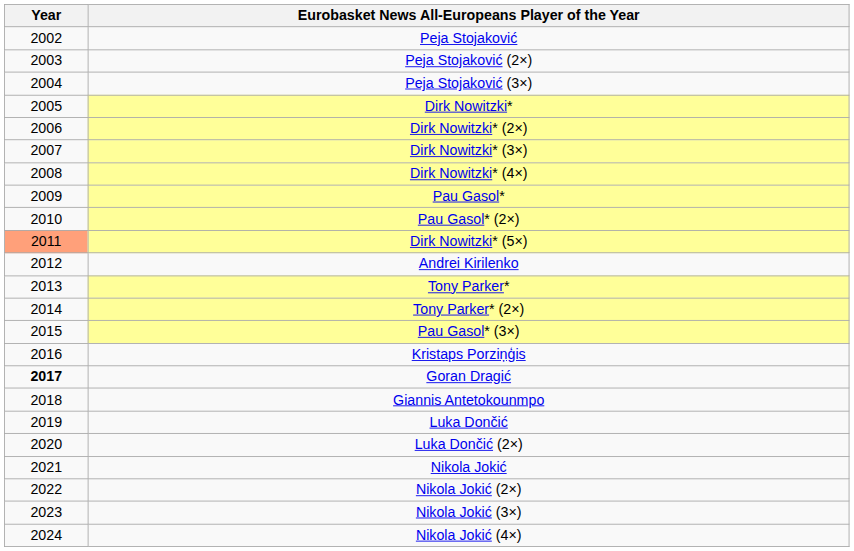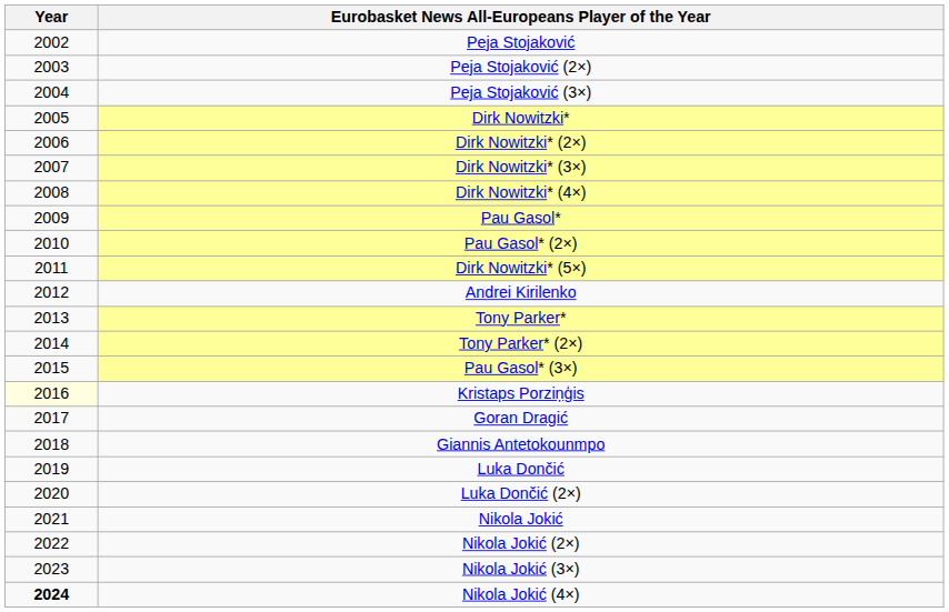 <table class="wikitable sortable" style="text-align:center; width: 60%">
 <tr>
 <th scope="col">Year</th>
 <th scope="col">Eurobasket News All-Europeans Player of the Year</th>
 </tr>
 <tr>
 <td style="text-align:center">2002</td>
 <td> <a href='#'>Peja Stojaković</a></td>
 </tr>
 <tr>
 <td style="text-align:center">2003</td>
 <td> <a href='#'>Peja Stojaković</a> (2×)</td>
 </tr>
 <tr>
 <td style="text-align:center">2004</td>
 <td> <a href='#'>Peja Stojaković</a> (3×)</td>
 </tr>
 <tr>
 <td style="text-align:center">2005</td>
 <td scope="row" style="background-color:#FFFF99; align=left"> <a href='#'>Dirk Nowitzki</a>*</td>
 </tr>
 <tr>
 <td style="text-align:center">2006</td>
 <td scope="row" style="background-color:#FFFF99; align=left"> <a href='#'>Dirk Nowitzki</a>* (2×)</td>
 </tr>
 <tr>
 <td style="text-align:center">2007</td>
 <td scope="row" style="background-color:#FFFF99; align=left"> <a href='#'>Dirk Nowitzki</a>* (3×)</td>
 </tr>
 <tr>
 <td style="text-align:center">2008</td>
 <td scope="row" style="background-color:#FFFF99; align=left"> <a href='#'>Dirk Nowitzki</a>* (4×)</td>
 </tr>
 <tr>
 <td style="text-align:center">2009</td>
 <td scope="row" style="background-color:#FFFF99; align=left"> <a href='#'>Pau Gasol</a>*</td>
 </tr>
 <tr>
 <td style="text-align:center">2010</td>
 <td scope="row" style="background-color:#FFFF99; align=left"> <a href='#'>Pau Gasol</a>* (2×)</td>
 </tr>
 <tr>
-<td style="background: lightsalmon; text-align:center">2011</td>
+<td style="text-align:center">2011</td>
 <td scope="row" style="background-color:#FFFF99; align=left"> <a href='#'>Dirk Nowitzki</a>* (5×)</td>
 </tr>
 <tr>
 <td style="text-align:center">2012</td>
 <td> <a href='#'>Andrei Kirilenko</a></td>
 </tr>
 <tr>
 <td style="text-align:center">2013</td>
 <td scope="row" style="background-color:#FFFF99; align=left"> <a href='#'>Tony Parker</a>*</td>
 </tr>
 <tr>
 <td style="text-align:center">2014</td>
 <td scope="row" style="background-color:#FFFF99; align=left"> <a href='#'>Tony Parker</a>* (2×)</td>
 </tr>
 <tr>
 <td style="text-align:center">2015</td>
 <td scope="row" style="background-color:#FFFF99; align=left"> <a href='#'>Pau Gasol</a>* (3×)</td>
 </tr>
 <tr>
-<td style="text-align:center">2016</td>
+<td style="background: lightyellow; text-align:center">2016</td>
 <td> <a href='#'>Kristaps Porziņģis</a></td>
 </tr>
 <tr>
-<td style="text-align:center"><strong>2017</strong></td>
+<td style="text-align:center">2017</td>
 <td> <a href='#'>Goran Dragić</a></td>
 </tr>
 <tr>
 <td style="text-align:center">2018</td>
 <td> <a href='#'>Giannis Antetokounmpo</a></td>
 </tr>
 <tr>
 <td style="text-align:center">2019</td>
 <td> <a href='#'>Luka Dončić</a></td>
 </tr>
 <tr>
 <td style="text-align:center">2020</td>
 <td> <a href='#'>Luka Dončić</a> (2×)</td>
 </tr>
 <tr>
 <td style="text-align:center">2021</td>
 <td> <a href='#'>Nikola Jokić</a></td>
 </tr>
 <tr>
 <td style="text-align:center">2022</td>
 <td> <a href='#'>Nikola Jokić</a> (2×)</td>
 </tr>
 <tr>
 <td style="text-align:center">2023</td>
 <td> <a href='#'>Nikola Jokić</a> (3×)</td>
 </tr>
 <tr>
-<td style="text-align:center">2024</td>
+<td style="text-align:center"><strong>2024</strong></td>
 <td> <a href='#'>Nikola Jokić</a> (4×)</td>
 </tr>
 </table>
